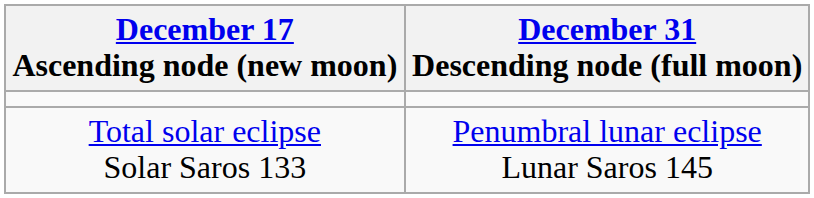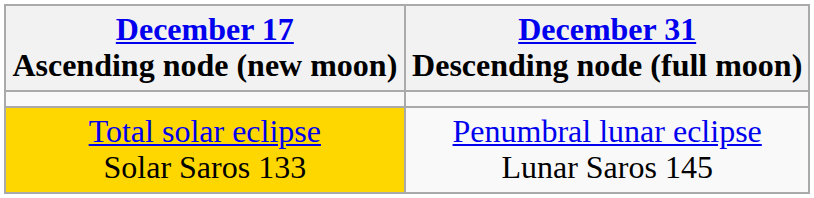 <table class="wikitable">
 <tr>
 <th><a href='#'>December 17</a><br>Ascending node (new moon)<br></th>
 <th><a href='#'>December 31</a><br>Descending node (full moon)<br></th>
 </tr>
 <tr>
 <td></td>
 <td></td>
 </tr>
 <tr align=center>
-<td><a href='#'>Total solar eclipse</a><br>Solar Saros 133</td>
+<td style="background: gold;"><a href='#'>Total solar eclipse</a><br>Solar Saros 133</td>
 <td><a href='#'>Penumbral lunar eclipse</a><br>Lunar Saros 145</td>
 </tr>
 </table>
